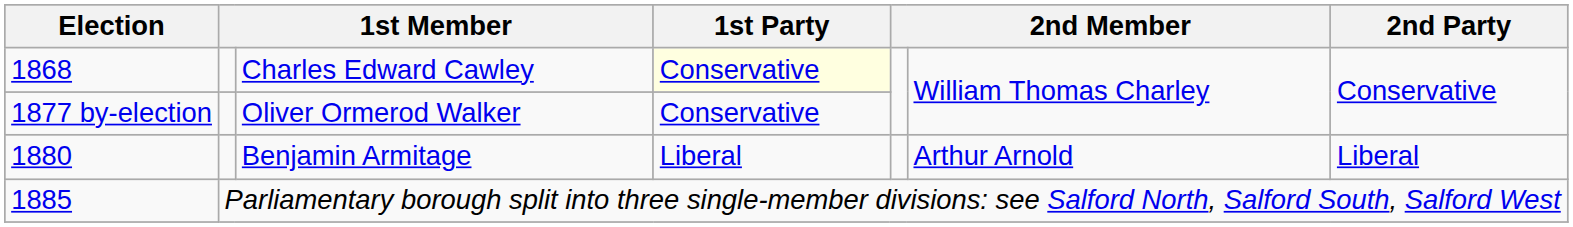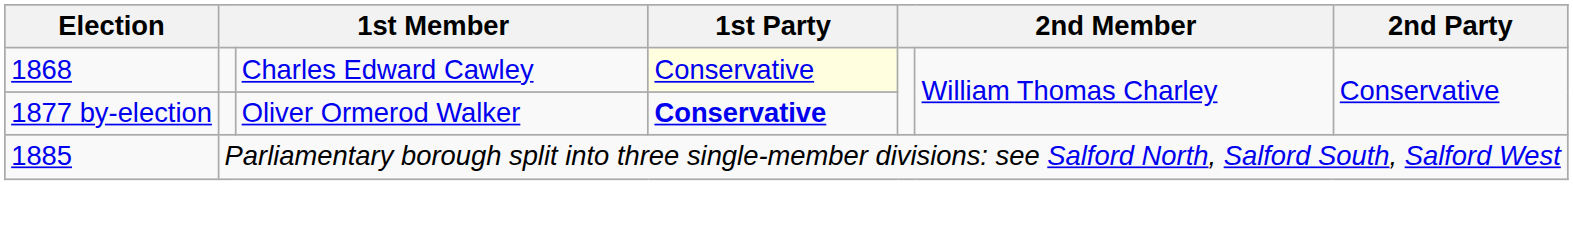 <table class="wikitable">
 <tr>
 <th>Election</th>
 <th colspan="2">1st Member </th>
 <th>1st Party</th>
 <th colspan="2">2nd Member</th>
 <th>2nd Party</th>
 </tr>
 <tr>
 <td><a href='#'>1868</a></td>
 <td rowspan="1" style="color:inherit;background-color: "></td>
 <td rowspan="1"><a href='#'>Charles Edward Cawley</a></td>
 <td rowspan="1" style="background: lightyellow;"><a href='#'>Conservative</a></td>
 <td rowspan="2" style="color:inherit;background-color: "></td>
 <td rowspan="2"><a href='#'>William Thomas Charley</a></td>
 <td rowspan="2"><a href='#'>Conservative</a></td>
 </tr>
 <tr>
 <td><a href='#'>1877 by-election</a></td>
 <td rowspan="1" style="color:inherit;background-color: "></td>
 <td rowspan="1"><a href='#'>Oliver Ormerod Walker</a></td>
-<td rowspan="1"><a href='#'>Conservative</a></td>
-</tr>
-<tr>
-<td><a href='#'>1880</a></td>
-<td rowspan="1" style="color:inherit;background-color: "></td>
-<td rowspan="1"><a href='#'>Benjamin Armitage</a></td>
-<td rowspan="1"><a href='#'>Liberal</a></td>
-<td rowspan="1" style="color:inherit;background-color: "></td>
-<td rowspan="1"><a href='#'>Arthur Arnold</a></td>
-<td rowspan="1"><a href='#'>Liberal</a></td>
+<td rowspan="1"><strong><a href='#'>Conservative</a></strong></td>
 </tr>
 <tr>
 <td><a href='#'>1885</a></td>
 <td colspan="6"><em>Parliamentary borough split into three single-member divisions: see <a href='#'>Salford North</a>, <a href='#'>Salford South</a>, <a href='#'>Salford West</a></em></td>
 </tr>
 </table>
